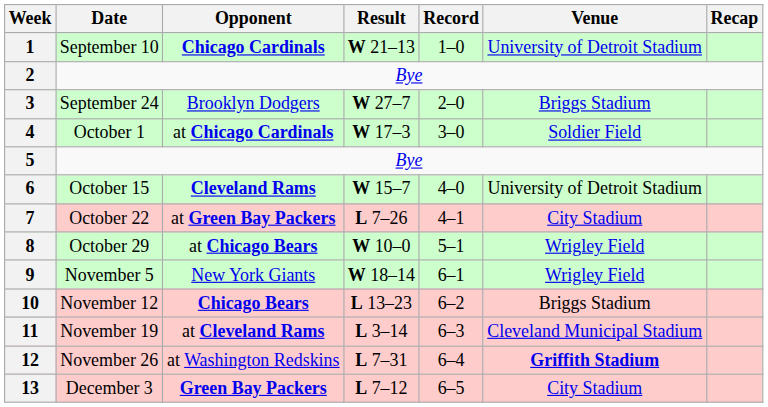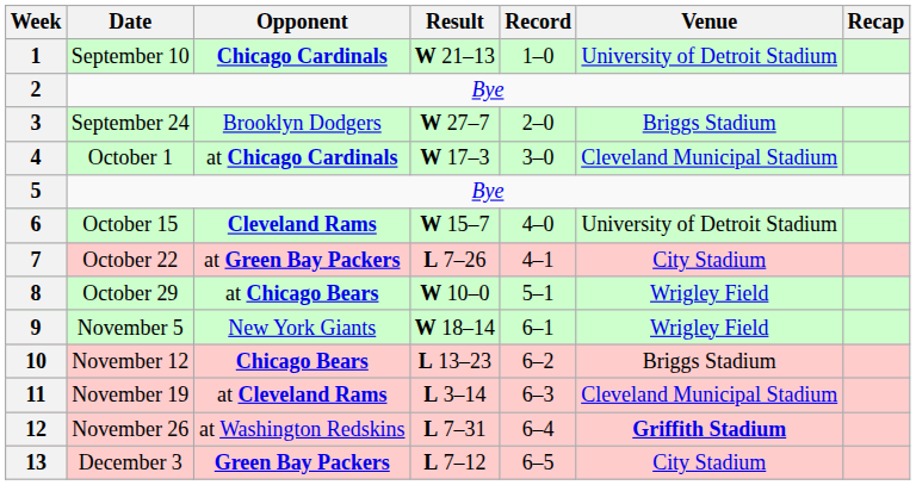 <table class="wikitable" style="text-align:center">
 <tr>
 <th>Week</th>
 <th>Date</th>
 <th>Opponent</th>
 <th>Result</th>
 <th>Record</th>
 <th>Venue</th>
 <th>Recap</th>
 </tr>
 <tr style="background:#cfc">
 <th>1</th>
 <td>September 10</td>
 <td><strong><a href='#'>Chicago Cardinals</a></strong></td>
 <td><strong>W</strong> 21–13</td>
 <td>1–0</td>
 <td><a href='#'>University of Detroit Stadium</a></td>
 <td></td>
 </tr>
 <tr>
 <th>2</th>
 <td colspan="7"><em><a href='#'>Bye</a></em></td>
 </tr>
 <tr style="background:#cfc">
 <th>3</th>
 <td>September 24</td>
 <td><a href='#'>Brooklyn Dodgers</a></td>
 <td><strong>W</strong> 27–7</td>
 <td>2–0</td>
 <td><a href='#'>Briggs Stadium</a></td>
 <td></td>
 </tr>
 <tr style="background:#cfc">
 <th>4</th>
 <td>October 1</td>
 <td>at <strong><a href='#'>Chicago Cardinals</a></strong></td>
 <td><strong>W</strong> 17–3</td>
 <td>3–0</td>
-<td><a href='#'>Soldier Field</a></td>
+<td><a href='#'>Cleveland Municipal Stadium</a></td>
 <td></td>
 </tr>
 <tr>
 <th>5</th>
 <td colspan="7"><em><a href='#'>Bye</a></em></td>
 </tr>
 <tr style="background:#cfc">
 <th>6</th>
 <td>October 15</td>
 <td><strong><a href='#'>Cleveland Rams</a></strong></td>
 <td><strong>W</strong> 15–7</td>
 <td>4–0</td>
 <td>University of Detroit Stadium</td>
 <td></td>
 </tr>
 <tr style="background:#fcc">
 <th>7</th>
 <td>October 22</td>
 <td>at <strong><a href='#'>Green Bay Packers</a></strong></td>
 <td><strong>L</strong> 7–26</td>
 <td>4–1</td>
 <td><a href='#'>City Stadium</a></td>
 <td></td>
 </tr>
 <tr style="background:#cfc">
 <th>8</th>
 <td>October 29</td>
 <td>at <strong><a href='#'>Chicago Bears</a></strong></td>
 <td><strong>W</strong> 10–0</td>
 <td>5–1</td>
 <td><a href='#'>Wrigley Field</a></td>
 <td></td>
 </tr>
 <tr style="background:#cfc">
 <th>9</th>
 <td>November 5</td>
 <td><a href='#'>New York Giants</a></td>
 <td><strong>W</strong> 18–14</td>
 <td>6–1</td>
 <td><a href='#'>Wrigley Field</a></td>
 <td></td>
 </tr>
 <tr style="background:#fcc">
 <th>10</th>
 <td>November 12</td>
 <td><strong><a href='#'>Chicago Bears</a></strong></td>
 <td><strong>L</strong> 13–23</td>
 <td>6–2</td>
 <td>Briggs Stadium</td>
 <td></td>
 </tr>
 <tr style="background:#fcc">
 <th>11</th>
 <td>November 19</td>
 <td>at <strong><a href='#'>Cleveland Rams</a></strong></td>
 <td><strong>L</strong> 3–14</td>
 <td>6–3</td>
 <td><a href='#'>Cleveland Municipal Stadium</a></td>
 <td></td>
 </tr>
 <tr style="background:#fcc">
 <th>12</th>
 <td>November 26</td>
 <td>at <a href='#'>Washington Redskins</a></td>
 <td><strong>L</strong> 7–31</td>
 <td>6–4</td>
 <td><strong><a href='#'>Griffith Stadium</a></strong></td>
 <td></td>
 </tr>
 <tr style="background:#fcc">
 <th>13</th>
 <td>December 3</td>
 <td><strong><a href='#'>Green Bay Packers</a></strong></td>
 <td><strong>L</strong> 7–12</td>
 <td>6–5</td>
 <td><a href='#'>City Stadium</a></td>
 <td></td>
 </tr>
 </table>
